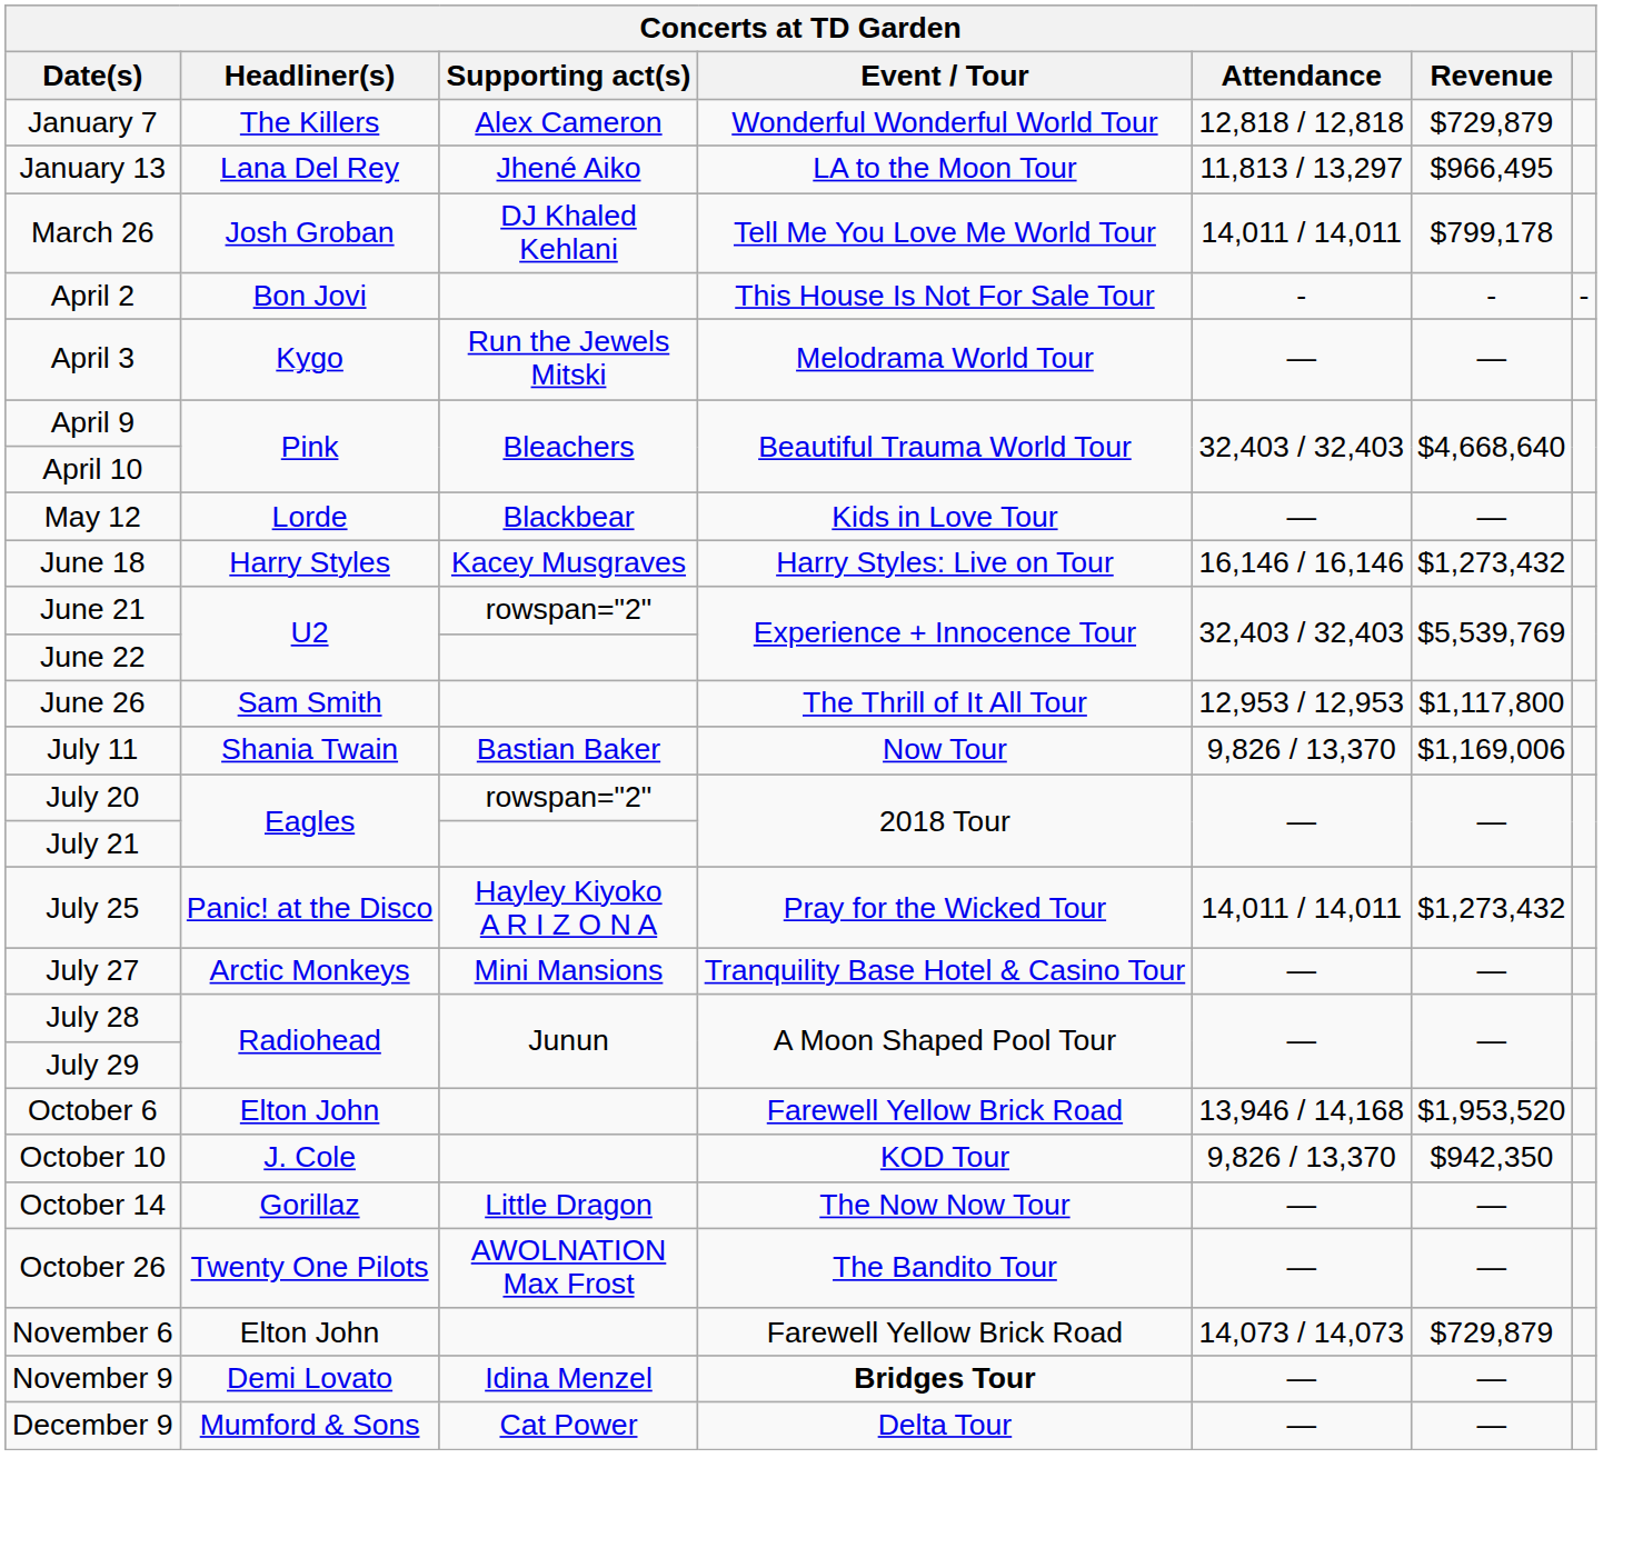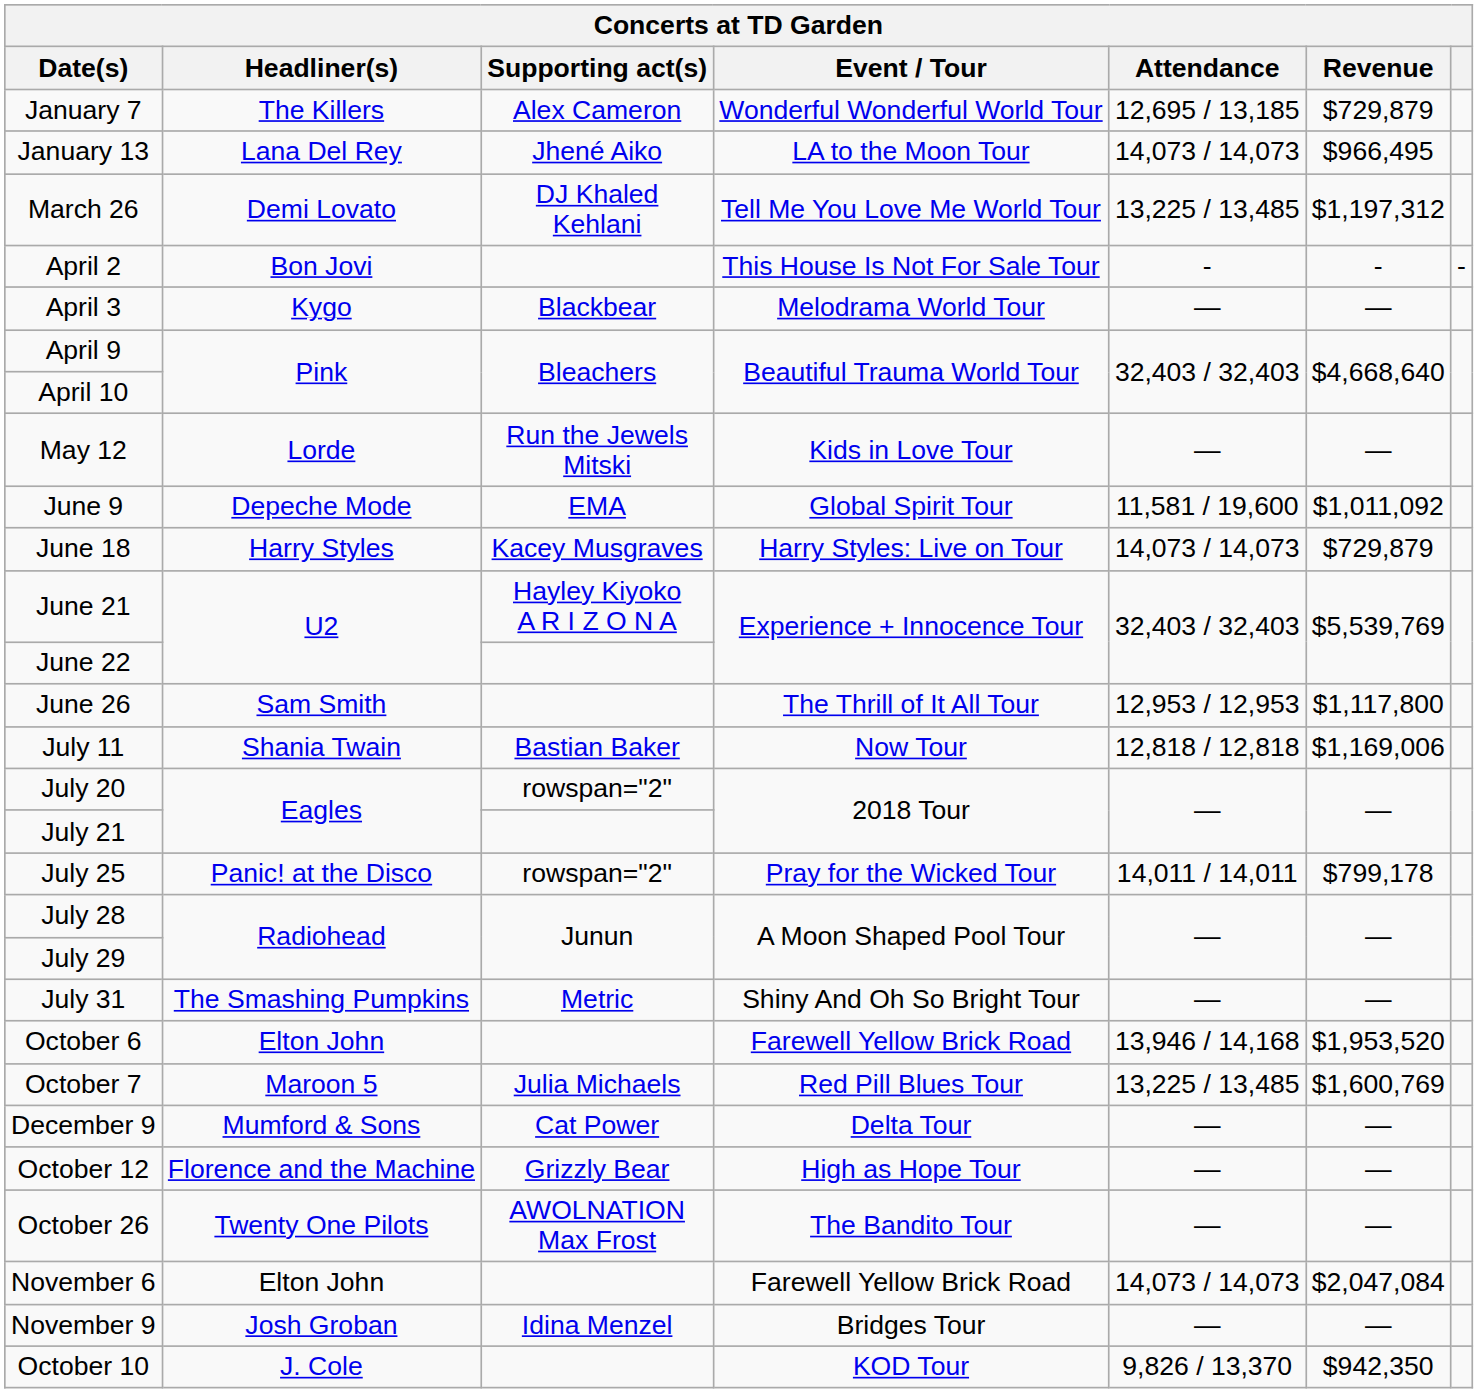 <table class="wikitable mw-collapsible mw-collapsed" style="text-align:center;">
 <tr>
 <th colspan="7">Concerts at TD Garden</th>
 </tr>
 <tr>
 <th>Date(s)</th>
 <th>Headliner(s)</th>
 <th>Supporting act(s)</th>
 <th>Event / Tour</th>
 <th>Attendance</th>
 <th>Revenue</th>
 <th></th>
 </tr>
 <tr>
 <td>January 7</td>
 <td><a href='#'>The Killers</a></td>
 <td><a href='#'>Alex Cameron</a></td>
 <td><a href='#'>Wonderful Wonderful World Tour</a></td>
-<td>12,818 / 12,818</td>
+<td>12,695 / 13,185</td>
 <td>$729,879</td>
 <td></td>
 </tr>
 <tr>
 <td>January 13</td>
 <td><a href='#'>Lana Del Rey</a></td>
 <td><a href='#'>Jhené Aiko</a></td>
 <td><a href='#'>LA to the Moon Tour</a></td>
-<td>11,813 / 13,297</td>
+<td>14,073 / 14,073</td>
 <td>$966,495</td>
 <td></td>
 </tr>
 <tr>
 <td>March 26</td>
-<td><a href='#'>Josh Groban</a></td>
+<td><a href='#'>Demi Lovato</a></td>
 <td><a href='#'>DJ Khaled</a><br><a href='#'>Kehlani</a></td>
 <td><a href='#'>Tell Me You Love Me World Tour</a></td>
-<td>14,011 / 14,011</td>
-<td>$799,178</td>
+<td>13,225 / 13,485</td>
+<td>$1,197,312</td>
 <td></td>
 </tr>
 <tr>
 <td>April 2</td>
 <td><a href='#'>Bon Jovi</a></td>
 <td></td>
 <td><a href='#'>This House Is Not For Sale Tour</a></td>
 <td>-</td>
 <td>-</td>
 <td>-</td>
 </tr>
 <tr>
 <td>April 3</td>
 <td><a href='#'>Kygo</a></td>
-<td><a href='#'>Run the Jewels</a><br><a href='#'>Mitski</a></td>
+<td><a href='#'>Blackbear</a></td>
 <td><a href='#'>Melodrama World Tour</a></td>
 <td>—</td>
 <td>—</td>
 <td></td>
 </tr>
 <tr>
 <td>April 9</td>
 <td rowspan="2"><a href='#'>Pink</a></td>
 <td rowspan="2"><a href='#'>Bleachers</a></td>
 <td rowspan="2"><a href='#'>Beautiful Trauma World Tour</a></td>
 <td rowspan="2">32,403 / 32,403</td>
 <td rowspan="2">$4,668,640</td>
 <td rowspan="2"></td>
 </tr>
 <tr>
 <td>April 10</td>
 </tr>
 <tr>
 <td>May 12</td>
 <td><a href='#'>Lorde</a></td>
-<td><a href='#'>Blackbear</a></td>
+<td><a href='#'>Run the Jewels</a><br><a href='#'>Mitski</a></td>
 <td><a href='#'>Kids in Love Tour</a></td>
 <td>—</td>
 <td>—</td>
+<td></td>
+</tr>
+<tr>
+<td>June 9</td>
+<td><a href='#'>Depeche Mode</a></td>
+<td><a href='#'>EMA</a></td>
+<td><a href='#'>Global Spirit Tour</a></td>
+<td>11,581 / 19,600</td>
+<td>$1,011,092</td>
 <td></td>
 </tr>
 <tr>
 <td>June 18</td>
 <td><a href='#'>Harry Styles</a></td>
 <td><a href='#'>Kacey Musgraves</a></td>
 <td><a href='#'>Harry Styles: Live on Tour</a></td>
-<td>16,146 / 16,146</td>
-<td>$1,273,432</td>
+<td>14,073 / 14,073</td>
+<td>$729,879</td>
 <td></td>
 </tr>
 <tr>
 <td>June 21</td>
 <td rowspan="2"><a href='#'>U2</a></td>
-<td>rowspan="2" </td>
+<td><a href='#'>Hayley Kiyoko</a> <br> <a href='#'>A R I Z O N A</a></td>
 <td rowspan="2"><a href='#'>Experience + Innocence Tour</a></td>
 <td rowspan="2">32,403 / 32,403</td>
 <td rowspan="2">$5,539,769</td>
 <td rowspan="2"></td>
 </tr>
 <tr>
 <td>June 22</td>
 </tr>
 <tr>
 <td>June 26</td>
 <td><a href='#'>Sam Smith</a></td>
 <td></td>
 <td><a href='#'>The Thrill of It All Tour</a></td>
 <td>12,953 / 12,953</td>
 <td>$1,117,800</td>
 <td></td>
 </tr>
 <tr>
 <td>July 11</td>
 <td><a href='#'>Shania Twain</a></td>
 <td><a href='#'>Bastian Baker</a></td>
 <td><a href='#'>Now Tour</a></td>
-<td>9,826 / 13,370</td>
+<td>12,818 / 12,818</td>
 <td>$1,169,006</td>
 <td></td>
 </tr>
 <tr>
 <td>July 20</td>
 <td rowspan="2"><a href='#'>Eagles</a></td>
 <td>rowspan="2" </td>
 <td rowspan="2">2018 Tour</td>
 <td rowspan="2">—</td>
 <td rowspan="2">—</td>
 <td rowspan="2"></td>
 </tr>
 <tr>
 <td>July 21</td>
 </tr>
 <tr>
 <td>July 25</td>
 <td><a href='#'>Panic! at the Disco</a></td>
-<td><a href='#'>Hayley Kiyoko</a> <br> <a href='#'>A R I Z O N A</a></td>
+<td>rowspan="2" </td>
 <td><a href='#'>Pray for the Wicked Tour</a></td>
 <td>14,011 / 14,011</td>
-<td>$1,273,432</td>
-<td></td>
-</tr>
-<tr>
-<td>July 27</td>
-<td><a href='#'>Arctic Monkeys</a></td>
-<td><a href='#'>Mini Mansions</a></td>
-<td><a href='#'>Tranquility Base Hotel & Casino Tour</a></td>
-<td>—</td>
-<td>—</td>
+<td>$799,178</td>
 <td></td>
 </tr>
 <tr>
 <td>July 28</td>
 <td rowspan="2"><a href='#'>Radiohead</a></td>
 <td rowspan="2">Junun</td>
 <td rowspan="2">A Moon Shaped Pool Tour</td>
 <td rowspan="2">—</td>
 <td rowspan="2">—</td>
 <td rowspan="2"></td>
 </tr>
 <tr>
 <td>July 29</td>
 </tr>
 <tr>
+<td>July 31</td>
+<td><a href='#'>The Smashing Pumpkins</a></td>
+<td><a href='#'>Metric</a></td>
+<td>Shiny And Oh So Bright Tour</td>
+<td>—</td>
+<td>—</td>
+<td></td>
+</tr>
+<tr>
 <td>October 6</td>
 <td><a href='#'>Elton John</a></td>
 <td></td>
 <td><a href='#'>Farewell Yellow Brick Road</a></td>
 <td>13,946 / 14,168</td>
 <td>$1,953,520</td>
 <td></td>
 </tr>
 <tr>
-<td>October 10</td>
-<td><a href='#'>J. Cole</a></td>
-<td></td>
-<td><a href='#'>KOD Tour</a></td>
-<td>9,826 / 13,370</td>
-<td>$942,350</td>
+<td>October 7</td>
+<td><a href='#'>Maroon 5</a></td>
+<td><a href='#'>Julia Michaels</a></td>
+<td><a href='#'>Red Pill Blues Tour</a></td>
+<td>13,225 / 13,485</td>
+<td>$1,600,769</td>
 <td></td>
 </tr>
 <tr>
-<td>October 14</td>
-<td><a href='#'>Gorillaz</a></td>
-<td><a href='#'>Little Dragon</a></td>
-<td><a href='#'>The Now Now Tour</a></td>
+<td>December 9</td>
+<td><a href='#'>Mumford & Sons</a></td>
+<td><a href='#'>Cat Power</a></td>
+<td><a href='#'>Delta Tour</a></td>
+<td>—</td>
+<td>—</td>
+<td></td>
+</tr>
+<tr>
+<td>October 12</td>
+<td><a href='#'>Florence and the Machine</a></td>
+<td><a href='#'>Grizzly Bear</a></td>
+<td><a href='#'>High as Hope Tour</a></td>
 <td>—</td>
 <td>—</td>
 <td></td>
 </tr>
 <tr>
 <td>October 26</td>
 <td><a href='#'>Twenty One Pilots</a></td>
 <td><a href='#'>AWOLNATION</a> <br> <a href='#'>Max Frost</a></td>
 <td><a href='#'>The Bandito Tour</a></td>
 <td>—</td>
 <td>—</td>
 <td></td>
 </tr>
 <tr>
 <td>November 6</td>
 <td>Elton John</td>
 <td></td>
 <td>Farewell Yellow Brick Road</td>
 <td>14,073 / 14,073</td>
-<td>$729,879</td>
+<td>$2,047,084</td>
 <td></td>
 </tr>
 <tr>
 <td>November 9</td>
-<td><a href='#'>Demi Lovato</a></td>
+<td><a href='#'>Josh Groban</a></td>
 <td><a href='#'>Idina Menzel</a></td>
-<td><strong>Bridges Tour</strong></td>
+<td>Bridges Tour</td>
 <td>—</td>
 <td>—</td>
 <td></td>
 </tr>
 <tr>
-<td>December 9</td>
-<td><a href='#'>Mumford & Sons</a></td>
-<td><a href='#'>Cat Power</a></td>
-<td><a href='#'>Delta Tour</a></td>
-<td>—</td>
-<td>—</td>
+<td>October 10</td>
+<td><a href='#'>J. Cole</a></td>
+<td></td>
+<td><a href='#'>KOD Tour</a></td>
+<td>9,826 / 13,370</td>
+<td>$942,350</td>
 <td></td>
 </tr>
 </table>
